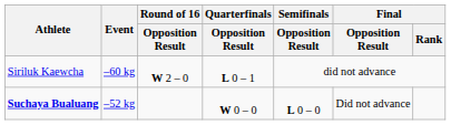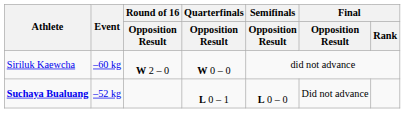 <table class="wikitable" border="1" style="font-size:90%">
 <tr>
 <th rowspan=2>Athlete</th>
 <th rowspan=2>Event</th>
 <th>Round of 16</th>
 <th>Quarterfinals</th>
 <th>Semifinals</th>
 <th colspan=2>Final</th>
 </tr>
 <tr>
 <th>Opposition<br>Result</th>
 <th>Opposition<br>Result</th>
 <th>Opposition<br>Result</th>
 <th>Opposition<br>Result</th>
 <th>Rank</th>
 </tr>
 <tr align=center>
 <td align=left><a href='#'>Siriluk Kaewcha</a></td>
 <td align=left><a href='#'>–60 kg</a></td>
 <td> <br> <strong>W</strong> 2 – 0</td>
-<td> <br> <strong>L</strong> 0 – 1</td>
+<td> <br> <strong>W</strong> 0 – 0</td>
 <td colspan=3>did not advance</td>
 </tr>
 <tr align=center>
 <td align=left><strong><a href='#'>Suchaya Bualuang</a></strong></td>
 <td align=left><a href='#'>–52 kg</a></td>
 <td></td>
-<td> <br> <strong>W</strong> 0 – 0</td>
+<td> <br> <strong>L</strong> 0 – 1</td>
 <td> <br> <strong>L</strong> 0 – 0</td>
 <td>Did not advance</td>
 <td></td>
 </tr>
 </table>
